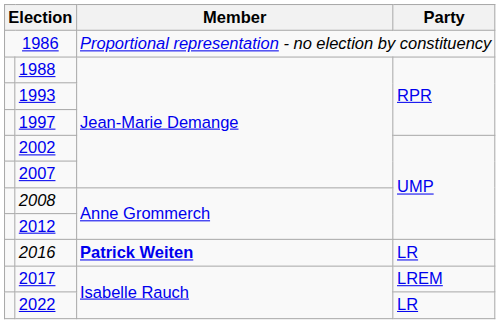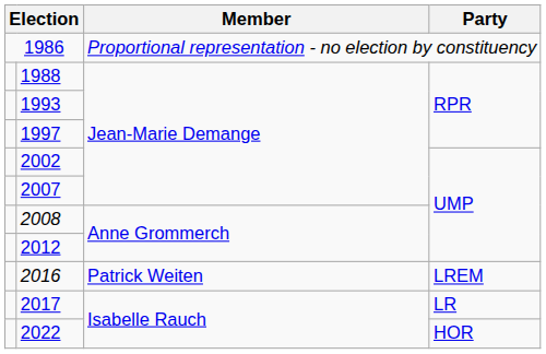 <table class="wikitable">
 <tr>
 <th colspan="2">Election</th>
 <th>Member</th>
 <th>Party</th>
 </tr>
 <tr>
 <td colspan="2" align="center"><a href='#'>1986</a></td>
 <td colspan="2"><em><a href='#'>Proportional representation</a> - no election by constituency</em></td>
 </tr>
 <tr>
 <td style="color:inherit;background-color: "></td>
 <td><a href='#'>1988</a></td>
 <td rowspan="5"><a href='#'>Jean-Marie Demange</a></td>
 <td rowspan="3"><a href='#'>RPR</a></td>
 </tr>
 <tr>
 <td style="color:inherit;background-color: "></td>
 <td><a href='#'>1993</a></td>
 </tr>
 <tr>
 <td style="color:inherit;background-color: "></td>
 <td><a href='#'>1997</a></td>
 </tr>
 <tr>
 <td style="color:inherit;background-color: "></td>
 <td><a href='#'>2002</a></td>
 <td rowspan="4"><a href='#'>UMP</a></td>
 </tr>
 <tr>
 <td style="color:inherit;background-color: "></td>
 <td><a href='#'>2007</a></td>
 </tr>
 <tr>
 <td style="color:inherit;background-color: "></td>
 <td><em>2008</em></td>
 <td rowspan="2"><a href='#'>Anne Grommerch</a></td>
 </tr>
 <tr>
 <td style="color:inherit;background-color: "></td>
 <td><a href='#'>2012</a></td>
 </tr>
 <tr>
 <td style="color:inherit;background-color: "></td>
 <td><em>2016</em></td>
-<td><strong><a href='#'>Patrick Weiten</a></strong></td>
-<td><a href='#'>LR</a></td>
+<td><a href='#'>Patrick Weiten</a></td>
+<td><a href='#'>LREM</a></td>
 </tr>
 <tr>
 <td style="color:inherit;background-color: "></td>
 <td><a href='#'>2017</a></td>
 <td rowspan="2"><a href='#'>Isabelle Rauch</a></td>
-<td><a href='#'>LREM</a></td>
+<td><a href='#'>LR</a></td>
 </tr>
 <tr>
 <td style="color:inherit;background-color: "></td>
 <td><a href='#'>2022</a></td>
-<td><a href='#'>LR</a></td>
+<td><a href='#'>HOR</a></td>
 </tr>
 </table>
